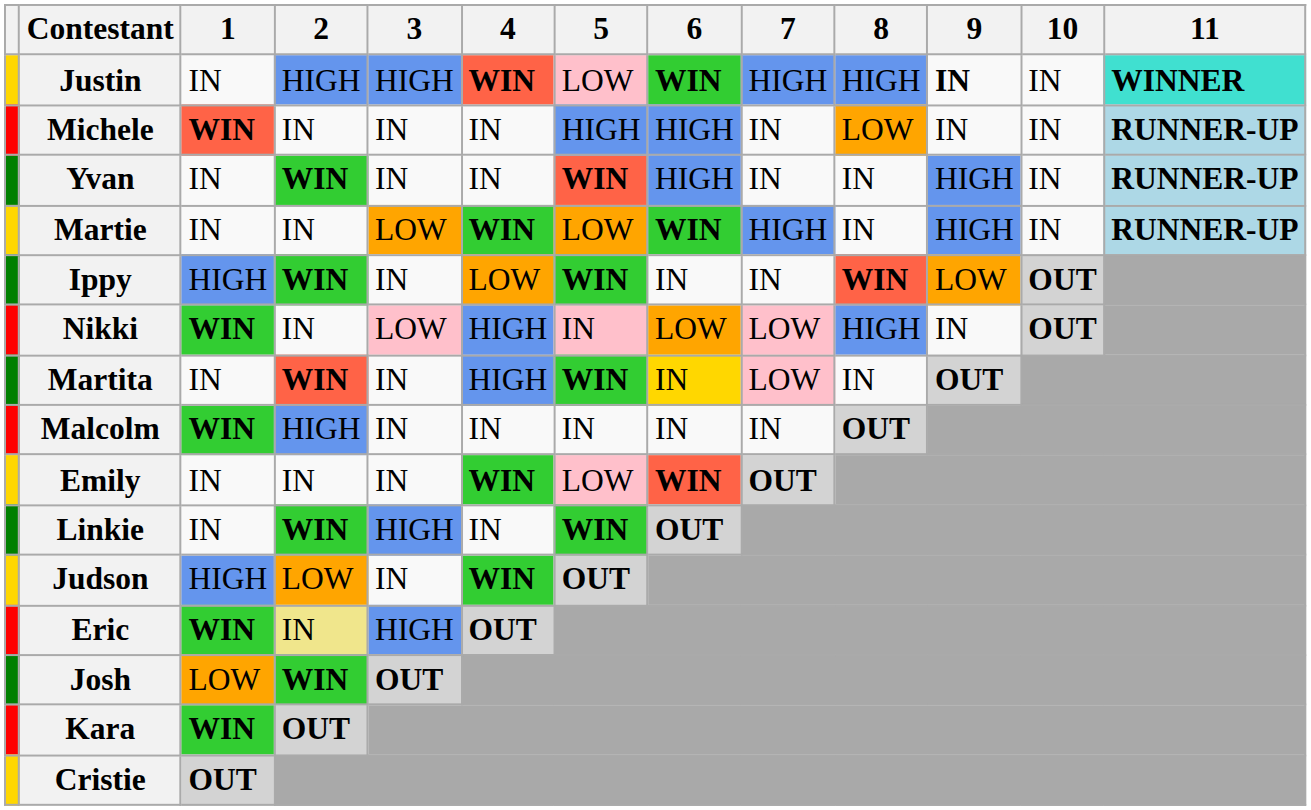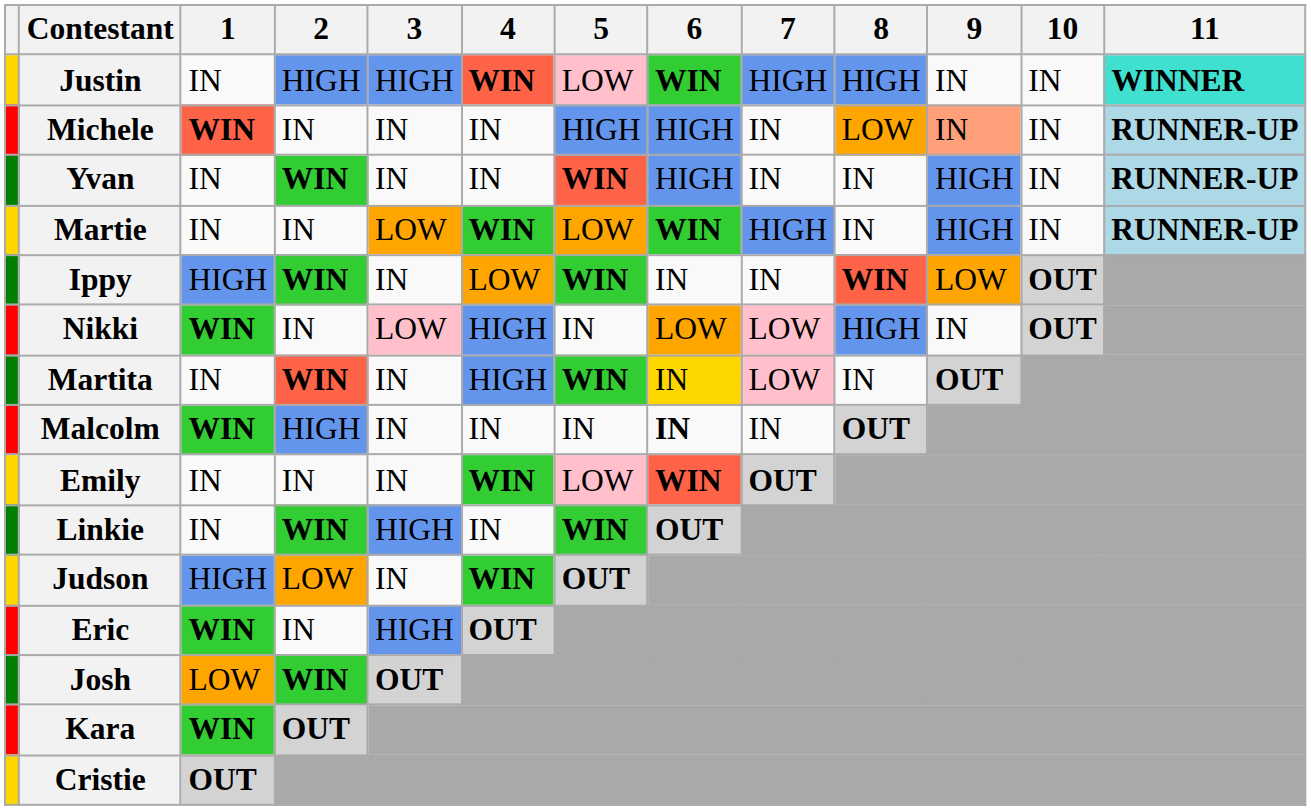 <table class="wikitable" align=>
 <tr>
 <th rowspan=2></th>
 <th rowspan=2>Contestant</th>
 </tr>
 <tr>
 <th>1</th>
 <th>2</th>
 <th>3</th>
 <th>4</th>
 <th>5</th>
 <th>6</th>
 <th>7</th>
 <th>8</th>
 <th>9</th>
 <th>10</th>
 <th>11</th>
 </tr>
 <tr>
 <td style="background:gold;"></td>
 <th>Justin</th>
 <td style="background:offwhite;">IN</td>
 <td style="background:cornflowerblue;">HIGH</td>
 <td style="background:cornflowerblue;">HIGH</td>
 <td style="background:tomato;"><strong>WIN</strong></td>
 <td style="background:pink;">LOW</td>
 <td style="background:limegreen;"><strong>WIN</strong></td>
 <td style="background:cornflowerblue;">HIGH</td>
 <td style="background:cornflowerblue;">HIGH</td>
-<td><strong>IN</strong></td>
+<td>IN</td>
 <td>IN</td>
 <td style="background:turquoise;"><strong>WINNER</strong></td>
 </tr>
 <tr>
 <td style="background:red;"></td>
 <th>Michele</th>
 <td style="background:tomato;"><strong>WIN</strong></td>
 <td>IN</td>
 <td>IN</td>
 <td>IN</td>
 <td style="background:cornflowerblue;">HIGH</td>
 <td style="background:cornflowerblue;">HIGH</td>
 <td>IN</td>
 <td style="background:orange;">LOW</td>
-<td>IN</td>
+<td style="background: lightsalmon;">IN</td>
 <td>IN</td>
 <td style="background:lightblue;"><strong>RUNNER-UP</strong></td>
 </tr>
 <tr>
 <td style="background:green;"></td>
 <th>Yvan</th>
 <td style="background:offwhite;">IN</td>
 <td style="background:limegreen;"><strong>WIN</strong></td>
 <td>IN</td>
 <td>IN</td>
 <td style="background:tomato;"><strong>WIN</strong></td>
 <td style="background:cornflowerblue;">HIGH</td>
 <td>IN</td>
 <td>IN</td>
 <td style="background:cornflowerblue;">HIGH</td>
 <td>IN</td>
 <td style="background:lightblue;"><strong>RUNNER-UP</strong></td>
 </tr>
 <tr>
 <td style="background:gold;"></td>
 <th>Martie</th>
 <td style="background:offwhite;">IN</td>
 <td>IN</td>
 <td style="background:orange;">LOW</td>
 <td style="background:limegreen;"><strong>WIN</strong></td>
 <td style="background:orange;">LOW</td>
 <td style="background:limegreen;"><strong>WIN</strong></td>
 <td style="background:cornflowerblue;">HIGH</td>
 <td>IN</td>
 <td style="background:cornflowerblue;">HIGH</td>
 <td>IN</td>
 <td style="background:lightblue;"><strong>RUNNER-UP</strong></td>
 </tr>
 <tr>
 <td style="background:green;"></td>
 <th>Ippy</th>
 <td style="background:cornflowerblue;">HIGH</td>
 <td style="background:limegreen;"><strong>WIN</strong></td>
 <td>IN</td>
 <td style="background:orange;">LOW</td>
 <td style="background:limegreen;"><strong>WIN</strong></td>
 <td>IN</td>
 <td>IN</td>
 <td style="background:tomato;"><strong>WIN</strong></td>
 <td style="background:orange;">LOW</td>
 <td style="background:lightgray;"><strong>OUT</strong></td>
 <td colspan="6" style="background:darkgray"></td>
 </tr>
 <tr>
 <td style="background:red;"></td>
 <th>Nikki</th>
 <td style="background:limegreen;"><strong>WIN</strong></td>
 <td>IN</td>
 <td style="background:pink;">LOW</td>
 <td style="background:cornflowerblue;">HIGH</td>
-<td style="background: pink;">IN</td>
+<td>IN</td>
 <td style="background:orange;">LOW</td>
 <td style="background:pink;">LOW</td>
 <td style="background:cornflowerblue;">HIGH</td>
 <td>IN</td>
 <td style="background:lightgray;"><strong>OUT</strong></td>
 <td colspan="6" style="background:darkgray"></td>
 </tr>
 <tr>
 <td style="background:green;"></td>
 <th>Martita</th>
 <td style="background:offwhite;">IN</td>
 <td style="background:tomato;"><strong>WIN</strong></td>
 <td>IN</td>
 <td style="background:cornflowerblue;">HIGH</td>
 <td style="background:limegreen;"><strong>WIN</strong></td>
 <td style="background: gold;">IN</td>
 <td style="background:pink;">LOW</td>
 <td>IN</td>
 <td style="background:lightgray;"><strong>OUT</strong></td>
 <td colspan="7" style="background:darkgray"></td>
 </tr>
 <tr>
 <td style="background:red;"></td>
 <th>Malcolm</th>
 <td style="background:limegreen;"><strong>WIN</strong></td>
 <td style="background:cornflowerblue;">HIGH</td>
 <td>IN</td>
 <td>IN</td>
 <td>IN</td>
-<td>IN</td>
+<td><strong>IN</strong></td>
 <td>IN</td>
 <td style="background:lightgray;"><strong>OUT</strong></td>
 <td colspan="8" style="background:darkgray;"></td>
 </tr>
 <tr>
 <td style="background:gold;"></td>
 <th>Emily</th>
 <td style="background:offwhite;">IN</td>
 <td>IN</td>
 <td>IN</td>
 <td style="background:limegreen;"><strong>WIN</strong></td>
 <td style="background:pink;">LOW</td>
 <td style="background:tomato;"><strong>WIN</strong></td>
 <td style="background:lightgray;"><strong>OUT</strong></td>
 <td colspan="9" style="background:darkgray;"></td>
 </tr>
 <tr>
 <td style="background:green;"></td>
 <th>Linkie</th>
 <td style="background:offwhite;">IN</td>
 <td style="background:limegreen;"><strong>WIN</strong></td>
 <td style="background:cornflowerblue;">HIGH</td>
 <td>IN</td>
 <td style="background:limegreen;"><strong>WIN</strong></td>
 <td style="background:lightgray;"><strong>OUT</strong></td>
 <td colspan="9" style="background:darkgray;"></td>
 </tr>
 <tr>
 <td style="background:gold;"></td>
 <th>Judson</th>
 <td style="background:cornflowerblue;">HIGH</td>
 <td style="background:orange;">LOW</td>
 <td>IN</td>
 <td style="background:limegreen;"><strong>WIN</strong></td>
 <td style="background:lightgray;"><strong>OUT</strong></td>
 <td colspan="9" style="background:darkgray;"></td>
 </tr>
 <tr>
 <td style="background:red;"></td>
 <th>Eric</th>
 <td style="background:limegreen;"><strong>WIN</strong></td>
-<td style="background: khaki;">IN</td>
+<td>IN</td>
 <td style="background:cornflowerblue;">HIGH</td>
 <td style="background:lightgray;"><strong>OUT</strong></td>
 <td colspan="9" style="background:darkgray;"></td>
 </tr>
 <tr>
 <td style="background:green;"></td>
 <th>Josh</th>
 <td style="background:orange;">LOW</td>
 <td style="background:limegreen;"><strong>WIN</strong></td>
 <td style="background:lightgray;"><strong>OUT</strong></td>
 <td colspan="9" style="background:darkgray;"></td>
 </tr>
 <tr>
 <td style="background:red;"></td>
 <th>Kara</th>
 <td style="background:limegreen;"><strong>WIN</strong></td>
 <td style="background:lightgray;"><strong>OUT</strong></td>
 <td colspan="10" style="background:darkgray;"></td>
 </tr>
 <tr>
 <td style="background:gold;"></td>
 <th>Cristie</th>
 <td style="background:lightgray;"><strong>OUT</strong></td>
 <td colspan="12" style="background:darkgray;"></td>
 </tr>
 </table>
